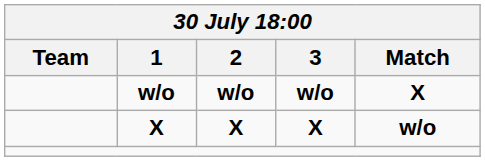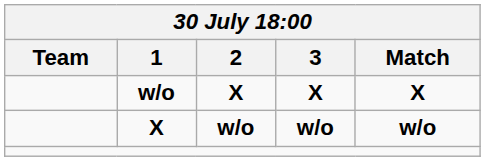 <table class=wikitable style="text-align:center; width: 55%">
 <tr>
 <th colspan=10><em>30 July 18:00</em></th>
 </tr>
 <tr>
 <th>Team</th>
 <th>1</th>
 <th>2</th>
 <th>3</th>
 <th>Match</th>
 </tr>
 <tr>
 <td align=left><strong><br></strong></td>
 <td><strong>w/o</strong></td>
-<td><strong>w/o</strong></td>
-<td><strong>w/o</strong></td>
+<td><strong>X</strong></td>
+<td><strong>X</strong></td>
 <td><strong>X</strong></td>
 </tr>
 <tr>
 <td align=left><br></td>
 <td><strong>X</strong></td>
-<td><strong>X</strong></td>
-<td><strong>X</strong></td>
+<td><strong>w/o</strong></td>
+<td><strong>w/o</strong></td>
 <td><strong>w/o</strong></td>
 </tr>
 <tr>
 <td colspan=10></td>
 </tr>
 </table>
